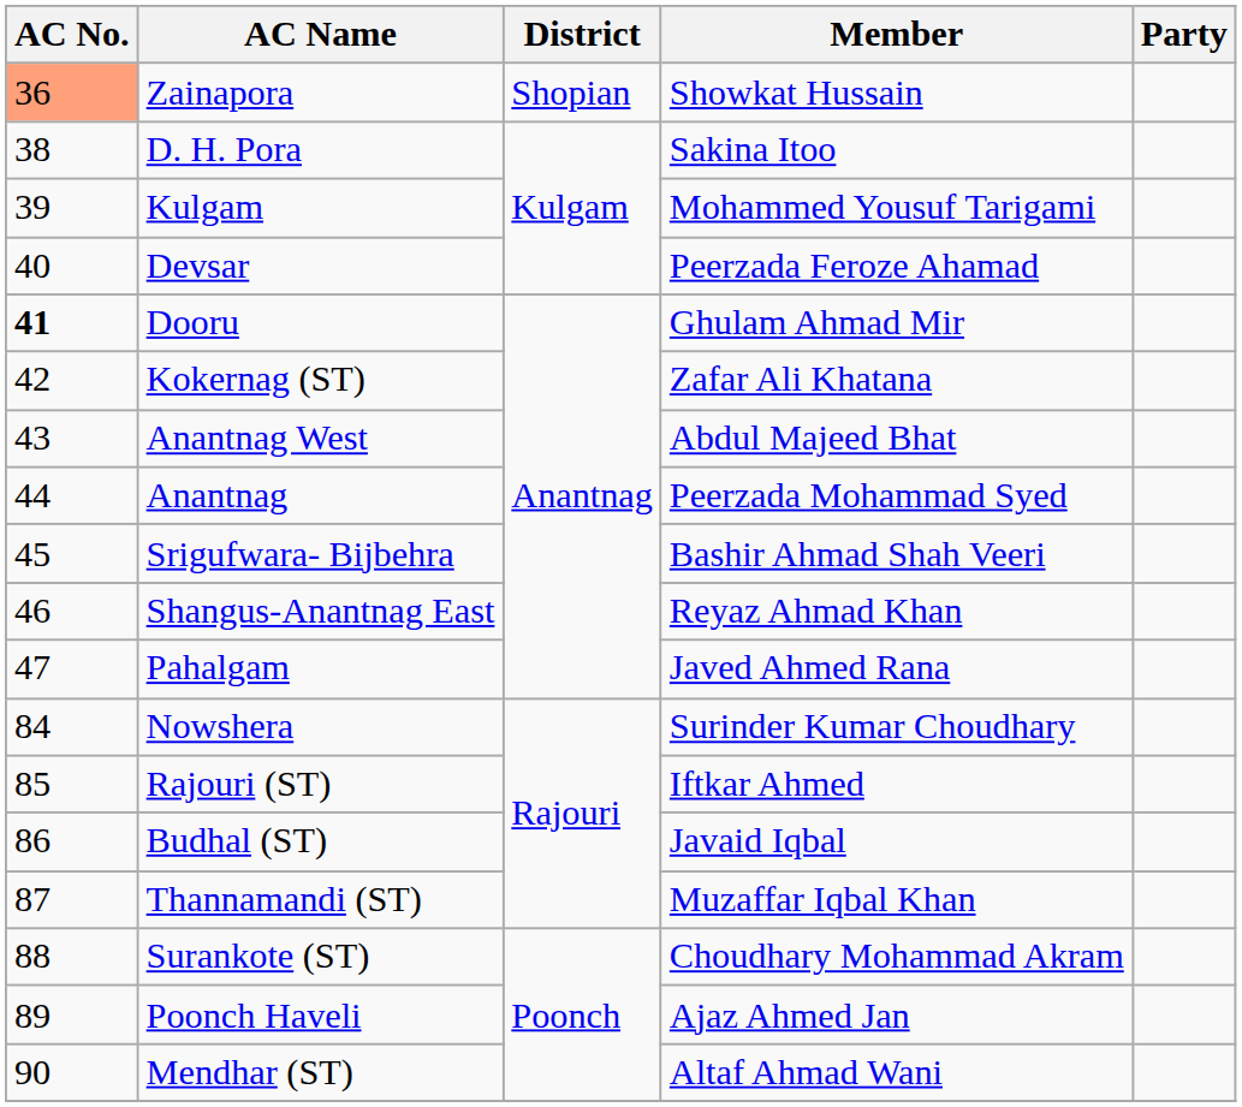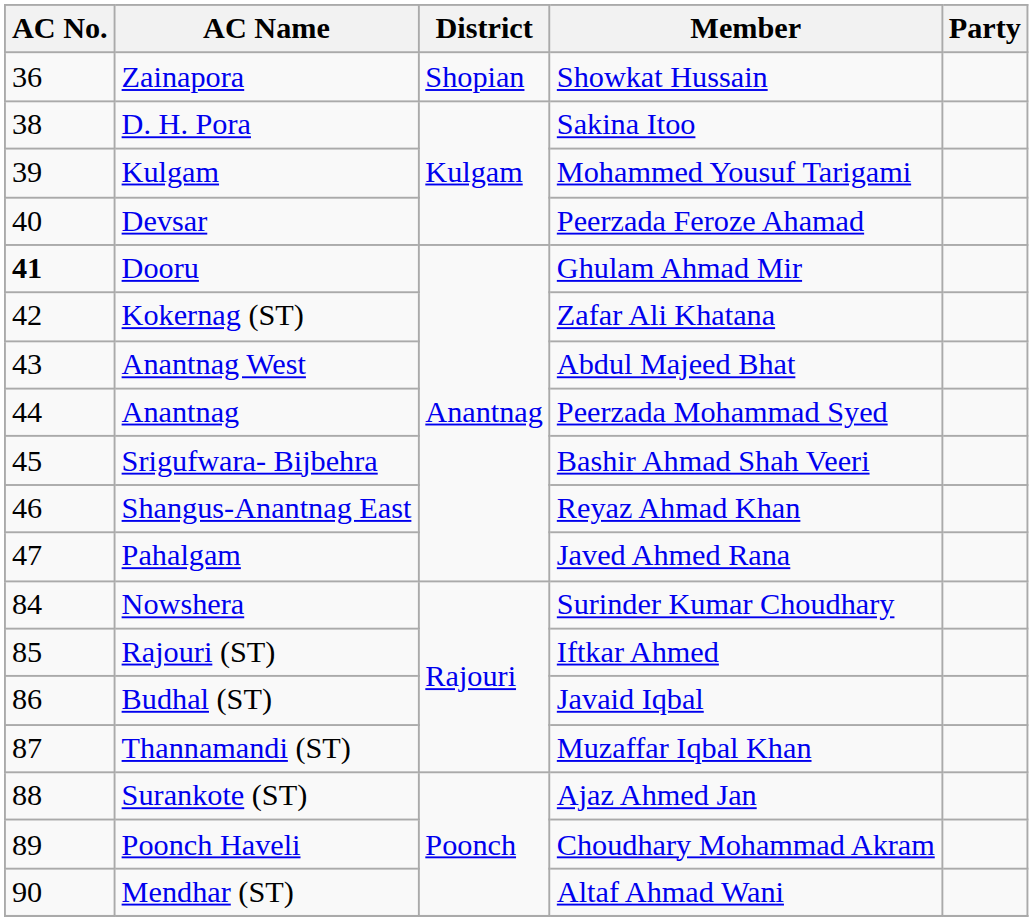 <table class="wikitable">
 <tr>
 <th>AC No.</th>
 <th>AC Name</th>
 <th>District</th>
 <th>Member</th>
 <th colspan="2">Party</th>
 </tr>
 <tr>
-<td style="background: lightsalmon;">36</td>
+<td>36</td>
 <td><a href='#'>Zainapora</a></td>
 <td><a href='#'>Shopian</a></td>
 <td><a href='#'>Showkat Hussain</a></td>
 <td></td>
 </tr>
 <tr>
 <td>38</td>
 <td><a href='#'>D. H. Pora</a></td>
 <td rowspan="3"><a href='#'>Kulgam</a></td>
 <td><a href='#'>Sakina Itoo</a></td>
 <td></td>
 </tr>
 <tr>
 <td>39</td>
 <td><a href='#'>Kulgam</a></td>
 <td><a href='#'>Mohammed Yousuf Tarigami</a></td>
 <td></td>
 </tr>
 <tr>
 <td>40</td>
 <td><a href='#'>Devsar</a></td>
 <td><a href='#'>Peerzada Feroze Ahamad</a></td>
 <td></td>
 </tr>
 <tr>
 <td><strong>41</strong></td>
 <td><a href='#'>Dooru</a></td>
 <td rowspan="7"><a href='#'>Anantnag</a></td>
 <td><a href='#'>Ghulam Ahmad Mir</a></td>
 <td></td>
 </tr>
 <tr>
 <td>42</td>
 <td><a href='#'>Kokernag</a> (ST)</td>
 <td><a href='#'>Zafar Ali Khatana</a></td>
 <td></td>
 </tr>
 <tr>
 <td>43</td>
 <td><a href='#'>Anantnag West</a></td>
 <td><a href='#'>Abdul Majeed Bhat</a></td>
 <td></td>
 </tr>
 <tr>
 <td>44</td>
 <td><a href='#'>Anantnag</a></td>
 <td><a href='#'>Peerzada Mohammad Syed</a></td>
 <td></td>
 </tr>
 <tr>
 <td>45</td>
 <td><a href='#'>Srigufwara- Bijbehra</a></td>
 <td><a href='#'>Bashir Ahmad Shah Veeri</a></td>
 <td></td>
 </tr>
 <tr>
 <td>46</td>
 <td><a href='#'>Shangus-Anantnag East</a></td>
 <td><a href='#'>Reyaz Ahmad Khan</a></td>
 <td></td>
 </tr>
 <tr>
 <td>47</td>
 <td><a href='#'>Pahalgam</a></td>
 <td><a href='#'>Javed Ahmed Rana</a></td>
 <td></td>
 </tr>
 <tr>
 <td>84</td>
 <td><a href='#'>Nowshera</a></td>
 <td rowspan="4"><a href='#'>Rajouri</a></td>
 <td><a href='#'>Surinder Kumar Choudhary</a></td>
 <td></td>
 </tr>
 <tr>
 <td>85</td>
 <td><a href='#'>Rajouri</a> (ST)</td>
 <td><a href='#'>Iftkar Ahmed</a></td>
 <td></td>
 </tr>
 <tr>
 <td>86</td>
 <td><a href='#'>Budhal</a> (ST)</td>
 <td><a href='#'>Javaid Iqbal</a></td>
 <td></td>
 </tr>
 <tr>
 <td>87</td>
 <td><a href='#'>Thannamandi</a> (ST)</td>
 <td><a href='#'>Muzaffar Iqbal Khan</a></td>
 <td></td>
 </tr>
 <tr>
 <td>88</td>
 <td><a href='#'>Surankote</a> (ST)</td>
 <td rowspan="3"><a href='#'>Poonch</a></td>
-<td><a href='#'>Choudhary Mohammad Akram</a></td>
+<td><a href='#'>Ajaz Ahmed Jan</a></td>
 <td></td>
 </tr>
 <tr>
 <td>89</td>
 <td><a href='#'>Poonch Haveli</a></td>
-<td><a href='#'>Ajaz Ahmed Jan</a></td>
+<td><a href='#'>Choudhary Mohammad Akram</a></td>
 <td></td>
 </tr>
 <tr>
 <td>90</td>
 <td><a href='#'>Mendhar</a> (ST)</td>
 <td><a href='#'>Altaf Ahmad Wani</a></td>
 <td></td>
 </tr>
 <tr>
 </tr>
 </table>
